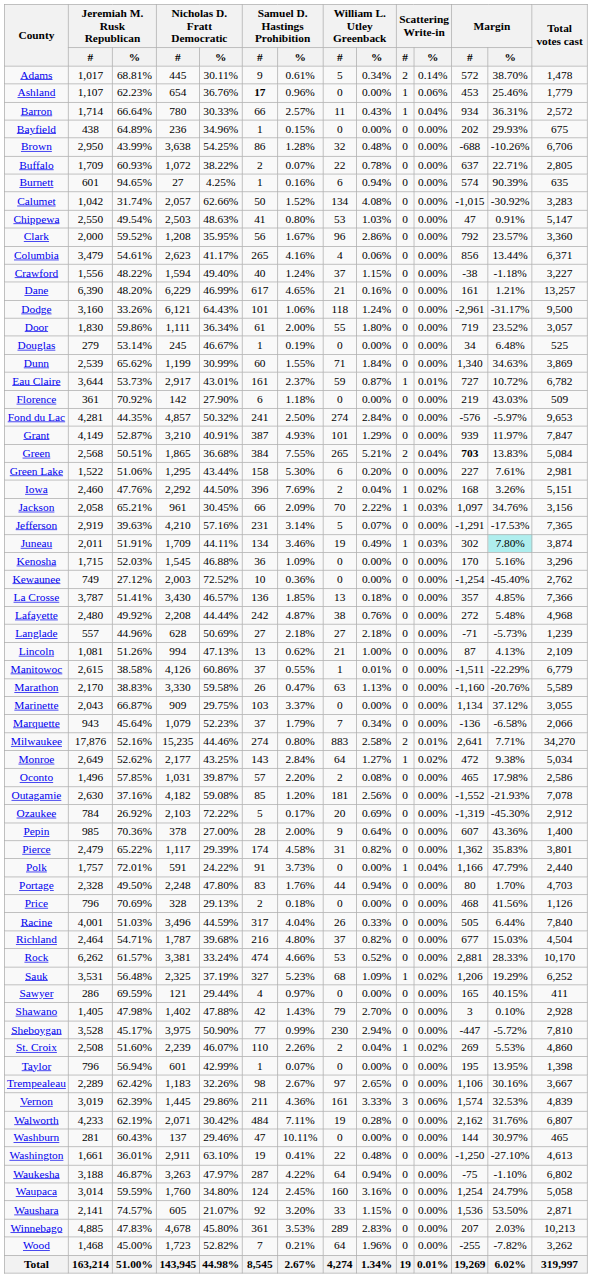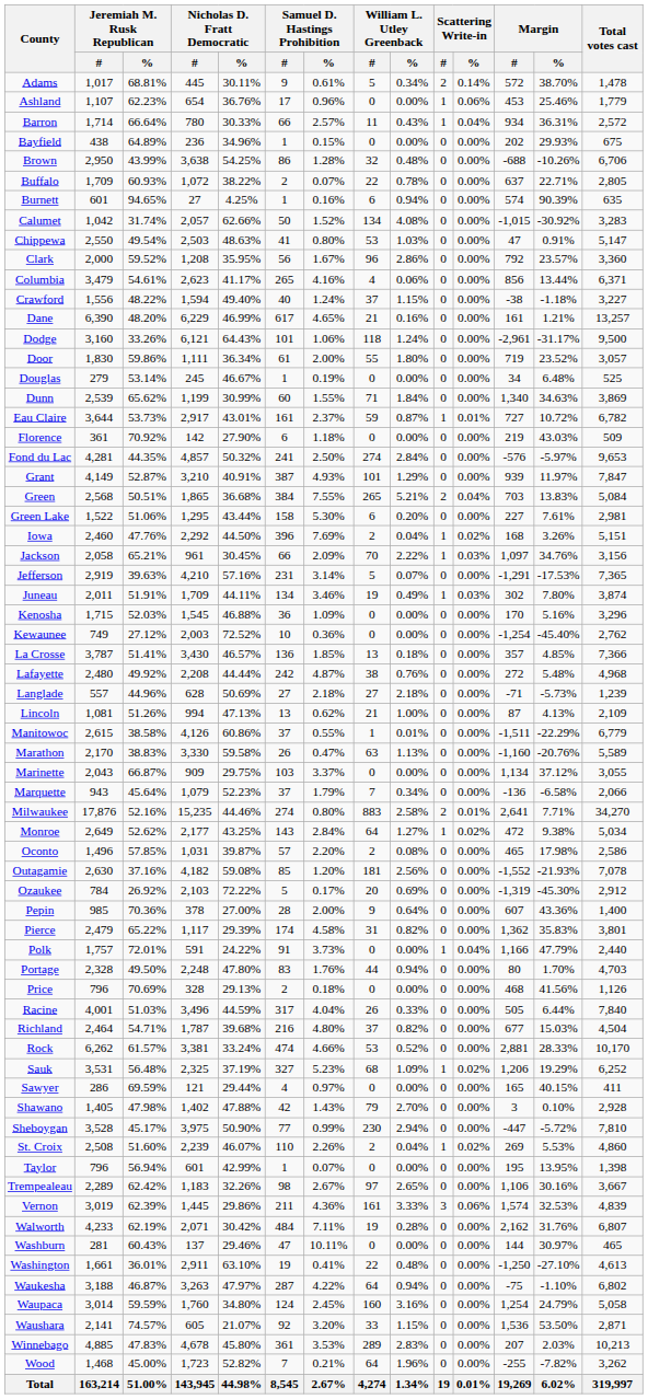 <table width="65%" class="wikitable sortable" style="text-align:center">
 <tr>
 <th rowspan="2" style="text-align:center;">County</th>
 <th colspan="2" style="text-align:center;">Jeremiah M. Rusk<br>Republican</th>
 <th colspan="2" style="text-align:center;">Nicholas D. Fratt<br>Democratic</th>
 <th colspan="2" style="text-align:center;">Samuel D. Hastings<br>Prohibition</th>
 <th colspan="2" style="text-align:center;">William L. Utley<br>Greenback</th>
 <th colspan="2" style="text-align:center;">Scattering<br>Write-in</th>
 <th colspan="2" style="text-align:center;">Margin</th>
 <th rowspan="2" style="text-align:center;">Total votes cast</th>
 </tr>
 <tr>
 <th style="text-align:center;" data-sort-type="number">#</th>
 <th style="text-align:center;" data-sort-type="number">%</th>
 <th style="text-align:center;" data-sort-type="number">#</th>
 <th style="text-align:center;" data-sort-type="number">%</th>
 <th style="text-align:center;" data-sort-type="number">#</th>
 <th style="text-align:center;" data-sort-type="number">%</th>
 <th style="text-align:center;" data-sort-type="number">#</th>
 <th style="text-align:center;" data-sort-type="number">%</th>
 <th style="text-align:center;" data-sort-type="number">#</th>
 <th style="text-align:center;" data-sort-type="number">%</th>
 <th style="text-align:center;" data-sort-type="number">#</th>
 <th style="text-align:center;" data-sort-type="number">%</th>
 </tr>
 <tr style="text-align:center;">
 <td><a href='#'>Adams</a></td>
 <td>1,017</td>
 <td>68.81%</td>
 <td>445</td>
 <td>30.11%</td>
 <td>9</td>
 <td>0.61%</td>
 <td>5</td>
 <td>0.34%</td>
 <td>2</td>
 <td>0.14%</td>
 <td>572</td>
 <td>38.70%</td>
 <td>1,478</td>
 </tr>
 <tr style="text-align:center;">
 <td><a href='#'>Ashland</a></td>
 <td>1,107</td>
 <td>62.23%</td>
 <td>654</td>
 <td>36.76%</td>
-<td><strong>17</strong></td>
+<td>17</td>
 <td>0.96%</td>
 <td>0</td>
 <td>0.00%</td>
 <td>1</td>
 <td>0.06%</td>
 <td>453</td>
 <td>25.46%</td>
 <td>1,779</td>
 </tr>
 <tr style="text-align:center;">
 <td><a href='#'>Barron</a></td>
 <td>1,714</td>
 <td>66.64%</td>
 <td>780</td>
 <td>30.33%</td>
 <td>66</td>
 <td>2.57%</td>
 <td>11</td>
 <td>0.43%</td>
 <td>1</td>
 <td>0.04%</td>
 <td>934</td>
 <td>36.31%</td>
 <td>2,572</td>
 </tr>
 <tr style="text-align:center;">
 <td><a href='#'>Bayfield</a></td>
 <td>438</td>
 <td>64.89%</td>
 <td>236</td>
 <td>34.96%</td>
 <td>1</td>
 <td>0.15%</td>
 <td>0</td>
 <td>0.00%</td>
 <td>0</td>
 <td>0.00%</td>
 <td>202</td>
 <td>29.93%</td>
 <td>675</td>
 </tr>
 <tr style="text-align:center;">
 <td><a href='#'>Brown</a></td>
 <td>2,950</td>
 <td>43.99%</td>
 <td>3,638</td>
 <td>54.25%</td>
 <td>86</td>
 <td>1.28%</td>
 <td>32</td>
 <td>0.48%</td>
 <td>0</td>
 <td>0.00%</td>
 <td>-688</td>
 <td>-10.26%</td>
 <td>6,706</td>
 </tr>
 <tr style="text-align:center;">
 <td><a href='#'>Buffalo</a></td>
 <td>1,709</td>
 <td>60.93%</td>
 <td>1,072</td>
 <td>38.22%</td>
 <td>2</td>
 <td>0.07%</td>
 <td>22</td>
 <td>0.78%</td>
 <td>0</td>
 <td>0.00%</td>
 <td>637</td>
 <td>22.71%</td>
 <td>2,805</td>
 </tr>
 <tr style="text-align:center;">
 <td><a href='#'>Burnett</a></td>
 <td>601</td>
 <td>94.65%</td>
 <td>27</td>
 <td>4.25%</td>
 <td>1</td>
 <td>0.16%</td>
 <td>6</td>
 <td>0.94%</td>
 <td>0</td>
 <td>0.00%</td>
 <td>574</td>
 <td>90.39%</td>
 <td>635</td>
 </tr>
 <tr style="text-align:center;">
 <td><a href='#'>Calumet</a></td>
 <td>1,042</td>
 <td>31.74%</td>
 <td>2,057</td>
 <td>62.66%</td>
 <td>50</td>
 <td>1.52%</td>
 <td>134</td>
 <td>4.08%</td>
 <td>0</td>
 <td>0.00%</td>
 <td>-1,015</td>
 <td>-30.92%</td>
 <td>3,283</td>
 </tr>
 <tr style="text-align:center;">
 <td><a href='#'>Chippewa</a></td>
 <td>2,550</td>
 <td>49.54%</td>
 <td>2,503</td>
 <td>48.63%</td>
 <td>41</td>
 <td>0.80%</td>
 <td>53</td>
 <td>1.03%</td>
 <td>0</td>
 <td>0.00%</td>
 <td>47</td>
 <td>0.91%</td>
 <td>5,147</td>
 </tr>
 <tr style="text-align:center;">
 <td><a href='#'>Clark</a></td>
 <td>2,000</td>
 <td>59.52%</td>
 <td>1,208</td>
 <td>35.95%</td>
 <td>56</td>
 <td>1.67%</td>
 <td>96</td>
 <td>2.86%</td>
 <td>0</td>
 <td>0.00%</td>
 <td>792</td>
 <td>23.57%</td>
 <td>3,360</td>
 </tr>
 <tr style="text-align:center;">
 <td><a href='#'>Columbia</a></td>
 <td>3,479</td>
 <td>54.61%</td>
 <td>2,623</td>
 <td>41.17%</td>
 <td>265</td>
 <td>4.16%</td>
 <td>4</td>
 <td>0.06%</td>
 <td>0</td>
 <td>0.00%</td>
 <td>856</td>
 <td>13.44%</td>
 <td>6,371</td>
 </tr>
 <tr style="text-align:center;">
 <td><a href='#'>Crawford</a></td>
 <td>1,556</td>
 <td>48.22%</td>
 <td>1,594</td>
 <td>49.40%</td>
 <td>40</td>
 <td>1.24%</td>
 <td>37</td>
 <td>1.15%</td>
 <td>0</td>
 <td>0.00%</td>
 <td>-38</td>
 <td>-1.18%</td>
 <td>3,227</td>
 </tr>
 <tr style="text-align:center;">
 <td><a href='#'>Dane</a></td>
 <td>6,390</td>
 <td>48.20%</td>
 <td>6,229</td>
 <td>46.99%</td>
 <td>617</td>
 <td>4.65%</td>
 <td>21</td>
 <td>0.16%</td>
 <td>0</td>
 <td>0.00%</td>
 <td>161</td>
 <td>1.21%</td>
 <td>13,257</td>
 </tr>
 <tr style="text-align:center;">
 <td><a href='#'>Dodge</a></td>
 <td>3,160</td>
 <td>33.26%</td>
 <td>6,121</td>
 <td>64.43%</td>
 <td>101</td>
 <td>1.06%</td>
 <td>118</td>
 <td>1.24%</td>
 <td>0</td>
 <td>0.00%</td>
 <td>-2,961</td>
 <td>-31.17%</td>
 <td>9,500</td>
 </tr>
 <tr style="text-align:center;">
 <td><a href='#'>Door</a></td>
 <td>1,830</td>
 <td>59.86%</td>
 <td>1,111</td>
 <td>36.34%</td>
 <td>61</td>
 <td>2.00%</td>
 <td>55</td>
 <td>1.80%</td>
 <td>0</td>
 <td>0.00%</td>
 <td>719</td>
 <td>23.52%</td>
 <td>3,057</td>
 </tr>
 <tr style="text-align:center;">
 <td><a href='#'>Douglas</a></td>
 <td>279</td>
 <td>53.14%</td>
 <td>245</td>
 <td>46.67%</td>
 <td>1</td>
 <td>0.19%</td>
 <td>0</td>
 <td>0.00%</td>
 <td>0</td>
 <td>0.00%</td>
 <td>34</td>
 <td>6.48%</td>
 <td>525</td>
 </tr>
 <tr style="text-align:center;">
 <td><a href='#'>Dunn</a></td>
 <td>2,539</td>
 <td>65.62%</td>
 <td>1,199</td>
 <td>30.99%</td>
 <td>60</td>
 <td>1.55%</td>
 <td>71</td>
 <td>1.84%</td>
 <td>0</td>
 <td>0.00%</td>
 <td>1,340</td>
 <td>34.63%</td>
 <td>3,869</td>
 </tr>
 <tr style="text-align:center;">
 <td><a href='#'>Eau Claire</a></td>
 <td>3,644</td>
 <td>53.73%</td>
 <td>2,917</td>
 <td>43.01%</td>
 <td>161</td>
 <td>2.37%</td>
 <td>59</td>
 <td>0.87%</td>
 <td>1</td>
 <td>0.01%</td>
 <td>727</td>
 <td>10.72%</td>
 <td>6,782</td>
 </tr>
 <tr style="text-align:center;">
 <td><a href='#'>Florence</a></td>
 <td>361</td>
 <td>70.92%</td>
 <td>142</td>
 <td>27.90%</td>
 <td>6</td>
 <td>1.18%</td>
 <td>0</td>
 <td>0.00%</td>
 <td>0</td>
 <td>0.00%</td>
 <td>219</td>
 <td>43.03%</td>
 <td>509</td>
 </tr>
 <tr style="text-align:center;">
 <td><a href='#'>Fond du Lac</a></td>
 <td>4,281</td>
 <td>44.35%</td>
 <td>4,857</td>
 <td>50.32%</td>
 <td>241</td>
 <td>2.50%</td>
 <td>274</td>
 <td>2.84%</td>
 <td>0</td>
 <td>0.00%</td>
 <td>-576</td>
 <td>-5.97%</td>
 <td>9,653</td>
 </tr>
 <tr style="text-align:center;">
 <td><a href='#'>Grant</a></td>
 <td>4,149</td>
 <td>52.87%</td>
 <td>3,210</td>
 <td>40.91%</td>
 <td>387</td>
 <td>4.93%</td>
 <td>101</td>
 <td>1.29%</td>
 <td>0</td>
 <td>0.00%</td>
 <td>939</td>
 <td>11.97%</td>
 <td>7,847</td>
 </tr>
 <tr style="text-align:center;">
 <td><a href='#'>Green</a></td>
 <td>2,568</td>
 <td>50.51%</td>
 <td>1,865</td>
 <td>36.68%</td>
 <td>384</td>
 <td>7.55%</td>
 <td>265</td>
 <td>5.21%</td>
 <td>2</td>
 <td>0.04%</td>
-<td><strong>703</strong></td>
+<td>703</td>
 <td>13.83%</td>
 <td>5,084</td>
 </tr>
 <tr style="text-align:center;">
 <td><a href='#'>Green Lake</a></td>
 <td>1,522</td>
 <td>51.06%</td>
 <td>1,295</td>
 <td>43.44%</td>
 <td>158</td>
 <td>5.30%</td>
 <td>6</td>
 <td>0.20%</td>
 <td>0</td>
 <td>0.00%</td>
 <td>227</td>
 <td>7.61%</td>
 <td>2,981</td>
 </tr>
 <tr style="text-align:center;">
 <td><a href='#'>Iowa</a></td>
 <td>2,460</td>
 <td>47.76%</td>
 <td>2,292</td>
 <td>44.50%</td>
 <td>396</td>
 <td>7.69%</td>
 <td>2</td>
 <td>0.04%</td>
 <td>1</td>
 <td>0.02%</td>
 <td>168</td>
 <td>3.26%</td>
 <td>5,151</td>
 </tr>
 <tr style="text-align:center;">
 <td><a href='#'>Jackson</a></td>
 <td>2,058</td>
 <td>65.21%</td>
 <td>961</td>
 <td>30.45%</td>
 <td>66</td>
 <td>2.09%</td>
 <td>70</td>
 <td>2.22%</td>
 <td>1</td>
 <td>0.03%</td>
 <td>1,097</td>
 <td>34.76%</td>
 <td>3,156</td>
 </tr>
 <tr style="text-align:center;">
 <td><a href='#'>Jefferson</a></td>
 <td>2,919</td>
 <td>39.63%</td>
 <td>4,210</td>
 <td>57.16%</td>
 <td>231</td>
 <td>3.14%</td>
 <td>5</td>
 <td>0.07%</td>
 <td>0</td>
 <td>0.00%</td>
 <td>-1,291</td>
 <td>-17.53%</td>
 <td>7,365</td>
 </tr>
 <tr style="text-align:center;">
 <td><a href='#'>Juneau</a></td>
 <td>2,011</td>
 <td>51.91%</td>
 <td>1,709</td>
 <td>44.11%</td>
 <td>134</td>
 <td>3.46%</td>
 <td>19</td>
 <td>0.49%</td>
 <td>1</td>
 <td>0.03%</td>
 <td>302</td>
-<td style="background: paleturquoise;">7.80%</td>
+<td>7.80%</td>
 <td>3,874</td>
 </tr>
 <tr style="text-align:center;">
 <td><a href='#'>Kenosha</a></td>
 <td>1,715</td>
 <td>52.03%</td>
 <td>1,545</td>
 <td>46.88%</td>
 <td>36</td>
 <td>1.09%</td>
 <td>0</td>
 <td>0.00%</td>
 <td>0</td>
 <td>0.00%</td>
 <td>170</td>
 <td>5.16%</td>
 <td>3,296</td>
 </tr>
 <tr style="text-align:center;">
 <td><a href='#'>Kewaunee</a></td>
 <td>749</td>
 <td>27.12%</td>
 <td>2,003</td>
 <td>72.52%</td>
 <td>10</td>
 <td>0.36%</td>
 <td>0</td>
 <td>0.00%</td>
 <td>0</td>
 <td>0.00%</td>
 <td>-1,254</td>
 <td>-45.40%</td>
 <td>2,762</td>
 </tr>
 <tr style="text-align:center;">
 <td><a href='#'>La Crosse</a></td>
 <td>3,787</td>
 <td>51.41%</td>
 <td>3,430</td>
 <td>46.57%</td>
 <td>136</td>
 <td>1.85%</td>
 <td>13</td>
 <td>0.18%</td>
 <td>0</td>
 <td>0.00%</td>
 <td>357</td>
 <td>4.85%</td>
 <td>7,366</td>
 </tr>
 <tr style="text-align:center;">
 <td><a href='#'>Lafayette</a></td>
 <td>2,480</td>
 <td>49.92%</td>
 <td>2,208</td>
 <td>44.44%</td>
 <td>242</td>
 <td>4.87%</td>
 <td>38</td>
 <td>0.76%</td>
 <td>0</td>
 <td>0.00%</td>
 <td>272</td>
 <td>5.48%</td>
 <td>4,968</td>
 </tr>
 <tr style="text-align:center;">
 <td><a href='#'>Langlade</a></td>
 <td>557</td>
 <td>44.96%</td>
 <td>628</td>
 <td>50.69%</td>
 <td>27</td>
 <td>2.18%</td>
 <td>27</td>
 <td>2.18%</td>
 <td>0</td>
 <td>0.00%</td>
 <td>-71</td>
 <td>-5.73%</td>
 <td>1,239</td>
 </tr>
 <tr style="text-align:center;">
 <td><a href='#'>Lincoln</a></td>
 <td>1,081</td>
 <td>51.26%</td>
 <td>994</td>
 <td>47.13%</td>
 <td>13</td>
 <td>0.62%</td>
 <td>21</td>
 <td>1.00%</td>
 <td>0</td>
 <td>0.00%</td>
 <td>87</td>
 <td>4.13%</td>
 <td>2,109</td>
 </tr>
 <tr style="text-align:center;">
 <td><a href='#'>Manitowoc</a></td>
 <td>2,615</td>
 <td>38.58%</td>
 <td>4,126</td>
 <td>60.86%</td>
 <td>37</td>
 <td>0.55%</td>
 <td>1</td>
 <td>0.01%</td>
 <td>0</td>
 <td>0.00%</td>
 <td>-1,511</td>
 <td>-22.29%</td>
 <td>6,779</td>
 </tr>
 <tr style="text-align:center;">
 <td><a href='#'>Marathon</a></td>
 <td>2,170</td>
 <td>38.83%</td>
 <td>3,330</td>
 <td>59.58%</td>
 <td>26</td>
 <td>0.47%</td>
 <td>63</td>
 <td>1.13%</td>
 <td>0</td>
 <td>0.00%</td>
 <td>-1,160</td>
 <td>-20.76%</td>
 <td>5,589</td>
 </tr>
 <tr style="text-align:center;">
 <td><a href='#'>Marinette</a></td>
 <td>2,043</td>
 <td>66.87%</td>
 <td>909</td>
 <td>29.75%</td>
 <td>103</td>
 <td>3.37%</td>
 <td>0</td>
 <td>0.00%</td>
 <td>0</td>
 <td>0.00%</td>
 <td>1,134</td>
 <td>37.12%</td>
 <td>3,055</td>
 </tr>
 <tr style="text-align:center;">
 <td><a href='#'>Marquette</a></td>
 <td>943</td>
 <td>45.64%</td>
 <td>1,079</td>
 <td>52.23%</td>
 <td>37</td>
 <td>1.79%</td>
 <td>7</td>
 <td>0.34%</td>
 <td>0</td>
 <td>0.00%</td>
 <td>-136</td>
 <td>-6.58%</td>
 <td>2,066</td>
 </tr>
 <tr style="text-align:center;">
 <td><a href='#'>Milwaukee</a></td>
 <td>17,876</td>
 <td>52.16%</td>
 <td>15,235</td>
 <td>44.46%</td>
 <td>274</td>
 <td>0.80%</td>
 <td>883</td>
 <td>2.58%</td>
 <td>2</td>
 <td>0.01%</td>
 <td>2,641</td>
 <td>7.71%</td>
 <td>34,270</td>
 </tr>
 <tr style="text-align:center;">
 <td><a href='#'>Monroe</a></td>
 <td>2,649</td>
 <td>52.62%</td>
 <td>2,177</td>
 <td>43.25%</td>
 <td>143</td>
 <td>2.84%</td>
 <td>64</td>
 <td>1.27%</td>
 <td>1</td>
 <td>0.02%</td>
 <td>472</td>
 <td>9.38%</td>
 <td>5,034</td>
 </tr>
 <tr style="text-align:center;">
 <td><a href='#'>Oconto</a></td>
 <td>1,496</td>
 <td>57.85%</td>
 <td>1,031</td>
 <td>39.87%</td>
 <td>57</td>
 <td>2.20%</td>
 <td>2</td>
 <td>0.08%</td>
 <td>0</td>
 <td>0.00%</td>
 <td>465</td>
 <td>17.98%</td>
 <td>2,586</td>
 </tr>
 <tr style="text-align:center;">
 <td><a href='#'>Outagamie</a></td>
 <td>2,630</td>
 <td>37.16%</td>
 <td>4,182</td>
 <td>59.08%</td>
 <td>85</td>
 <td>1.20%</td>
 <td>181</td>
 <td>2.56%</td>
 <td>0</td>
 <td>0.00%</td>
 <td>-1,552</td>
 <td>-21.93%</td>
 <td>7,078</td>
 </tr>
 <tr style="text-align:center;">
 <td><a href='#'>Ozaukee</a></td>
 <td>784</td>
 <td>26.92%</td>
 <td>2,103</td>
 <td>72.22%</td>
 <td>5</td>
 <td>0.17%</td>
 <td>20</td>
 <td>0.69%</td>
 <td>0</td>
 <td>0.00%</td>
 <td>-1,319</td>
 <td>-45.30%</td>
 <td>2,912</td>
 </tr>
 <tr style="text-align:center;">
 <td><a href='#'>Pepin</a></td>
 <td>985</td>
 <td>70.36%</td>
 <td>378</td>
 <td>27.00%</td>
 <td>28</td>
 <td>2.00%</td>
 <td>9</td>
 <td>0.64%</td>
 <td>0</td>
 <td>0.00%</td>
 <td>607</td>
 <td>43.36%</td>
 <td>1,400</td>
 </tr>
 <tr style="text-align:center;">
 <td><a href='#'>Pierce</a></td>
 <td>2,479</td>
 <td>65.22%</td>
 <td>1,117</td>
 <td>29.39%</td>
 <td>174</td>
 <td>4.58%</td>
 <td>31</td>
 <td>0.82%</td>
 <td>0</td>
 <td>0.00%</td>
 <td>1,362</td>
 <td>35.83%</td>
 <td>3,801</td>
 </tr>
 <tr style="text-align:center;">
 <td><a href='#'>Polk</a></td>
 <td>1,757</td>
 <td>72.01%</td>
 <td>591</td>
 <td>24.22%</td>
 <td>91</td>
 <td>3.73%</td>
 <td>0</td>
 <td>0.00%</td>
 <td>1</td>
 <td>0.04%</td>
 <td>1,166</td>
 <td>47.79%</td>
 <td>2,440</td>
 </tr>
 <tr style="text-align:center;">
 <td><a href='#'>Portage</a></td>
 <td>2,328</td>
 <td>49.50%</td>
 <td>2,248</td>
 <td>47.80%</td>
 <td>83</td>
 <td>1.76%</td>
 <td>44</td>
 <td>0.94%</td>
 <td>0</td>
 <td>0.00%</td>
 <td>80</td>
 <td>1.70%</td>
 <td>4,703</td>
 </tr>
 <tr style="text-align:center;">
 <td><a href='#'>Price</a></td>
 <td>796</td>
 <td>70.69%</td>
 <td>328</td>
 <td>29.13%</td>
 <td>2</td>
 <td>0.18%</td>
 <td>0</td>
 <td>0.00%</td>
 <td>0</td>
 <td>0.00%</td>
 <td>468</td>
 <td>41.56%</td>
 <td>1,126</td>
 </tr>
 <tr style="text-align:center;">
 <td><a href='#'>Racine</a></td>
 <td>4,001</td>
 <td>51.03%</td>
 <td>3,496</td>
 <td>44.59%</td>
 <td>317</td>
 <td>4.04%</td>
 <td>26</td>
 <td>0.33%</td>
 <td>0</td>
 <td>0.00%</td>
 <td>505</td>
 <td>6.44%</td>
 <td>7,840</td>
 </tr>
 <tr style="text-align:center;">
 <td><a href='#'>Richland</a></td>
 <td>2,464</td>
 <td>54.71%</td>
 <td>1,787</td>
 <td>39.68%</td>
 <td>216</td>
 <td>4.80%</td>
 <td>37</td>
 <td>0.82%</td>
 <td>0</td>
 <td>0.00%</td>
 <td>677</td>
 <td>15.03%</td>
 <td>4,504</td>
 </tr>
 <tr style="text-align:center;">
 <td><a href='#'>Rock</a></td>
 <td>6,262</td>
 <td>61.57%</td>
 <td>3,381</td>
 <td>33.24%</td>
 <td>474</td>
 <td>4.66%</td>
 <td>53</td>
 <td>0.52%</td>
 <td>0</td>
 <td>0.00%</td>
 <td>2,881</td>
 <td>28.33%</td>
 <td>10,170</td>
 </tr>
 <tr style="text-align:center;">
 <td><a href='#'>Sauk</a></td>
 <td>3,531</td>
 <td>56.48%</td>
 <td>2,325</td>
 <td>37.19%</td>
 <td>327</td>
 <td>5.23%</td>
 <td>68</td>
 <td>1.09%</td>
 <td>1</td>
 <td>0.02%</td>
 <td>1,206</td>
 <td>19.29%</td>
 <td>6,252</td>
 </tr>
 <tr style="text-align:center;">
 <td><a href='#'>Sawyer</a></td>
 <td>286</td>
 <td>69.59%</td>
 <td>121</td>
 <td>29.44%</td>
 <td>4</td>
 <td>0.97%</td>
 <td>0</td>
 <td>0.00%</td>
 <td>0</td>
 <td>0.00%</td>
 <td>165</td>
 <td>40.15%</td>
 <td>411</td>
 </tr>
 <tr style="text-align:center;">
 <td><a href='#'>Shawano</a></td>
 <td>1,405</td>
 <td>47.98%</td>
 <td>1,402</td>
 <td>47.88%</td>
 <td>42</td>
 <td>1.43%</td>
 <td>79</td>
 <td>2.70%</td>
 <td>0</td>
 <td>0.00%</td>
 <td>3</td>
 <td>0.10%</td>
 <td>2,928</td>
 </tr>
 <tr style="text-align:center;">
 <td><a href='#'>Sheboygan</a></td>
 <td>3,528</td>
 <td>45.17%</td>
 <td>3,975</td>
 <td>50.90%</td>
 <td>77</td>
 <td>0.99%</td>
 <td>230</td>
 <td>2.94%</td>
 <td>0</td>
 <td>0.00%</td>
 <td>-447</td>
 <td>-5.72%</td>
 <td>7,810</td>
 </tr>
 <tr style="text-align:center;">
 <td><a href='#'>St. Croix</a></td>
 <td>2,508</td>
 <td>51.60%</td>
 <td>2,239</td>
 <td>46.07%</td>
 <td>110</td>
 <td>2.26%</td>
 <td>2</td>
 <td>0.04%</td>
 <td>1</td>
 <td>0.02%</td>
 <td>269</td>
 <td>5.53%</td>
 <td>4,860</td>
 </tr>
 <tr style="text-align:center;">
 <td><a href='#'>Taylor</a></td>
 <td>796</td>
 <td>56.94%</td>
 <td>601</td>
 <td>42.99%</td>
 <td>1</td>
 <td>0.07%</td>
 <td>0</td>
 <td>0.00%</td>
 <td>0</td>
 <td>0.00%</td>
 <td>195</td>
 <td>13.95%</td>
 <td>1,398</td>
 </tr>
 <tr style="text-align:center;">
 <td><a href='#'>Trempealeau</a></td>
 <td>2,289</td>
 <td>62.42%</td>
 <td>1,183</td>
 <td>32.26%</td>
 <td>98</td>
 <td>2.67%</td>
 <td>97</td>
 <td>2.65%</td>
 <td>0</td>
 <td>0.00%</td>
 <td>1,106</td>
 <td>30.16%</td>
 <td>3,667</td>
 </tr>
 <tr style="text-align:center;">
 <td><a href='#'>Vernon</a></td>
 <td>3,019</td>
 <td>62.39%</td>
 <td>1,445</td>
 <td>29.86%</td>
 <td>211</td>
 <td>4.36%</td>
 <td>161</td>
 <td>3.33%</td>
 <td>3</td>
 <td>0.06%</td>
 <td>1,574</td>
 <td>32.53%</td>
 <td>4,839</td>
 </tr>
 <tr style="text-align:center;">
 <td><a href='#'>Walworth</a></td>
 <td>4,233</td>
 <td>62.19%</td>
 <td>2,071</td>
 <td>30.42%</td>
 <td>484</td>
 <td>7.11%</td>
 <td>19</td>
 <td>0.28%</td>
 <td>0</td>
 <td>0.00%</td>
 <td>2,162</td>
 <td>31.76%</td>
 <td>6,807</td>
 </tr>
 <tr style="text-align:center;">
 <td><a href='#'>Washburn</a></td>
 <td>281</td>
 <td>60.43%</td>
 <td>137</td>
 <td>29.46%</td>
 <td>47</td>
 <td>10.11%</td>
 <td>0</td>
 <td>0.00%</td>
 <td>0</td>
 <td>0.00%</td>
 <td>144</td>
 <td>30.97%</td>
 <td>465</td>
 </tr>
 <tr style="text-align:center;">
 <td><a href='#'>Washington</a></td>
 <td>1,661</td>
 <td>36.01%</td>
 <td>2,911</td>
 <td>63.10%</td>
 <td>19</td>
 <td>0.41%</td>
 <td>22</td>
 <td>0.48%</td>
 <td>0</td>
 <td>0.00%</td>
 <td>-1,250</td>
 <td>-27.10%</td>
 <td>4,613</td>
 </tr>
 <tr style="text-align:center;">
 <td><a href='#'>Waukesha</a></td>
 <td>3,188</td>
 <td>46.87%</td>
 <td>3,263</td>
 <td>47.97%</td>
 <td>287</td>
 <td>4.22%</td>
 <td>64</td>
 <td>0.94%</td>
 <td>0</td>
 <td>0.00%</td>
 <td>-75</td>
 <td>-1.10%</td>
 <td>6,802</td>
 </tr>
 <tr style="text-align:center;">
 <td><a href='#'>Waupaca</a></td>
 <td>3,014</td>
 <td>59.59%</td>
 <td>1,760</td>
 <td>34.80%</td>
 <td>124</td>
 <td>2.45%</td>
 <td>160</td>
 <td>3.16%</td>
 <td>0</td>
 <td>0.00%</td>
 <td>1,254</td>
 <td>24.79%</td>
 <td>5,058</td>
 </tr>
 <tr style="text-align:center;">
 <td><a href='#'>Waushara</a></td>
 <td>2,141</td>
 <td>74.57%</td>
 <td>605</td>
 <td>21.07%</td>
 <td>92</td>
 <td>3.20%</td>
 <td>33</td>
 <td>1.15%</td>
 <td>0</td>
 <td>0.00%</td>
 <td>1,536</td>
 <td>53.50%</td>
 <td>2,871</td>
 </tr>
 <tr style="text-align:center;">
 <td><a href='#'>Winnebago</a></td>
 <td>4,885</td>
 <td>47.83%</td>
 <td>4,678</td>
 <td>45.80%</td>
 <td>361</td>
 <td>3.53%</td>
 <td>289</td>
 <td>2.83%</td>
 <td>0</td>
 <td>0.00%</td>
 <td>207</td>
 <td>2.03%</td>
 <td>10,213</td>
 </tr>
 <tr style="text-align:center;">
 <td><a href='#'>Wood</a></td>
 <td>1,468</td>
 <td>45.00%</td>
 <td>1,723</td>
 <td>52.82%</td>
 <td>7</td>
 <td>0.21%</td>
 <td>64</td>
 <td>1.96%</td>
 <td>0</td>
 <td>0.00%</td>
 <td>-255</td>
 <td>-7.82%</td>
 <td>3,262</td>
 </tr>
 <tr>
 <th>Total</th>
 <th>163,214</th>
 <th>51.00%</th>
 <th>143,945</th>
 <th>44.98%</th>
 <th>8,545</th>
 <th>2.67%</th>
 <th>4,274</th>
 <th>1.34%</th>
 <th>19</th>
 <th>0.01%</th>
 <th>19,269</th>
 <th>6.02%</th>
 <th>319,997</th>
 </tr>
 </table>
